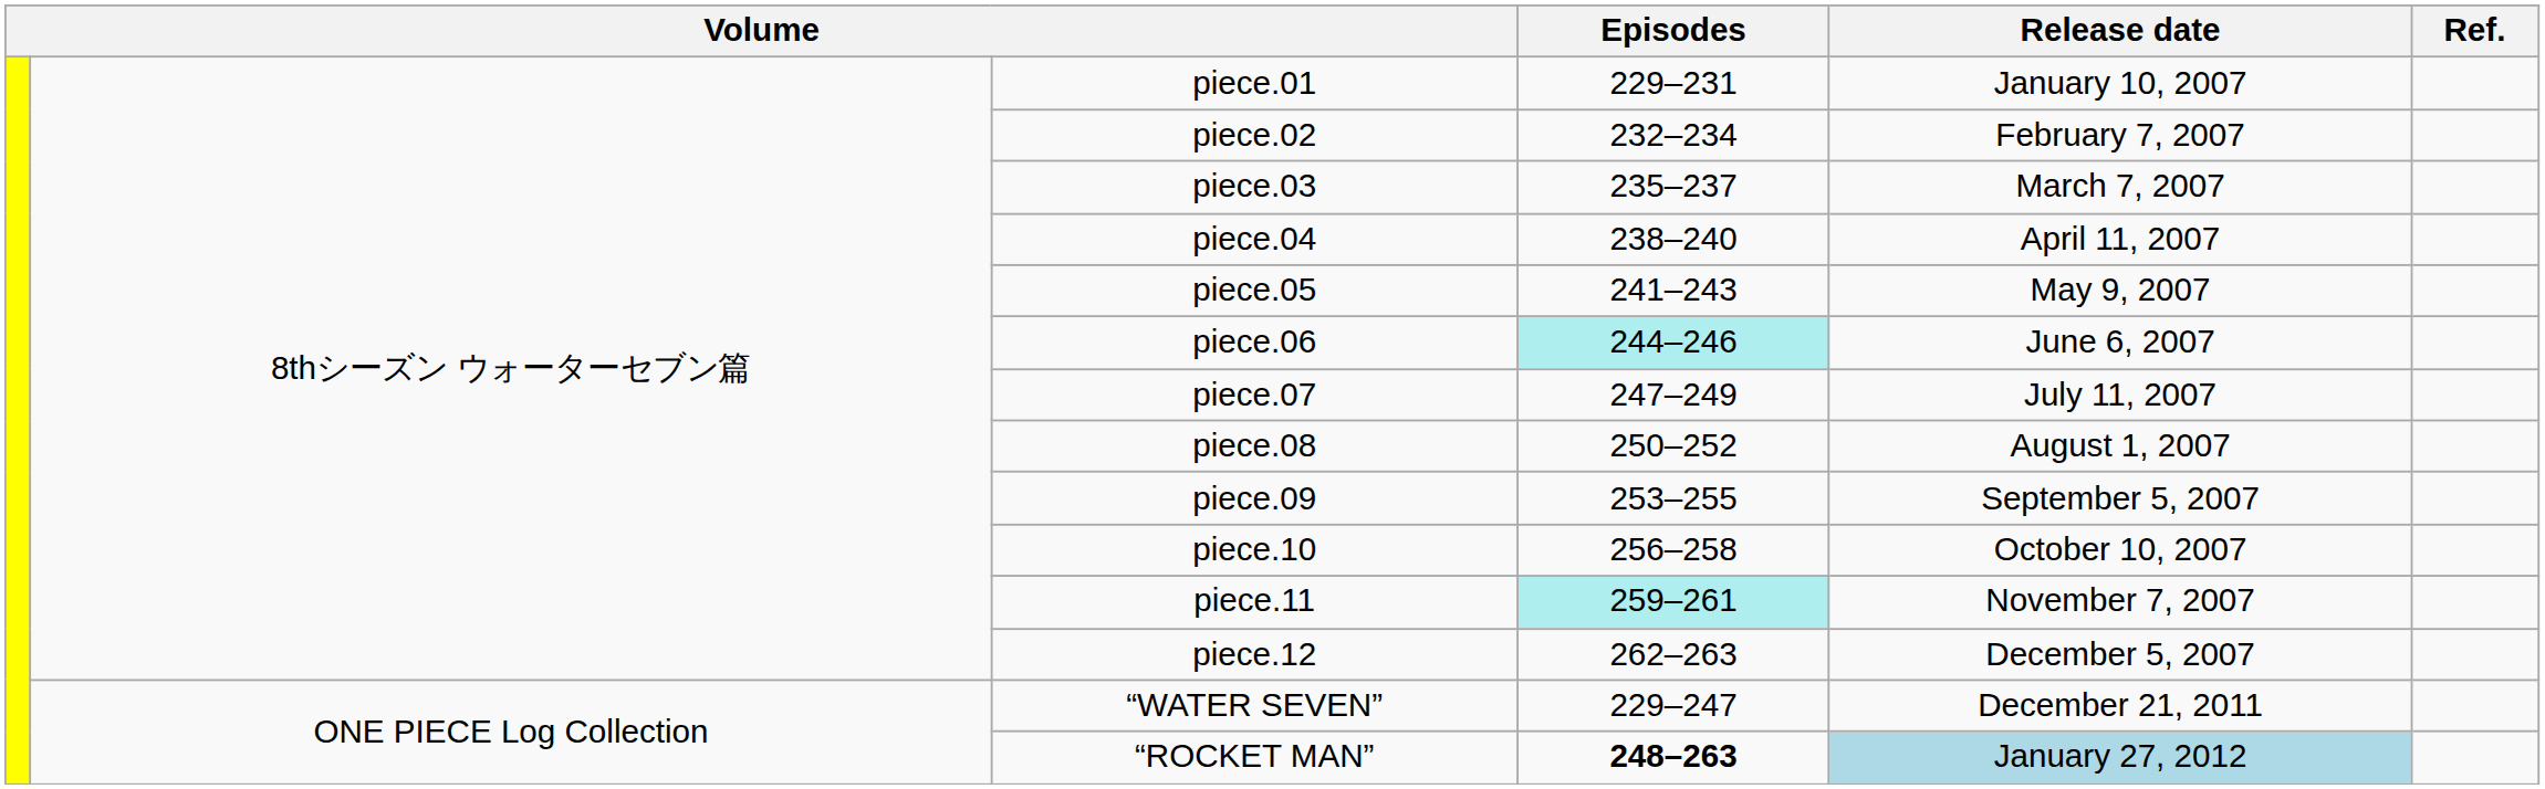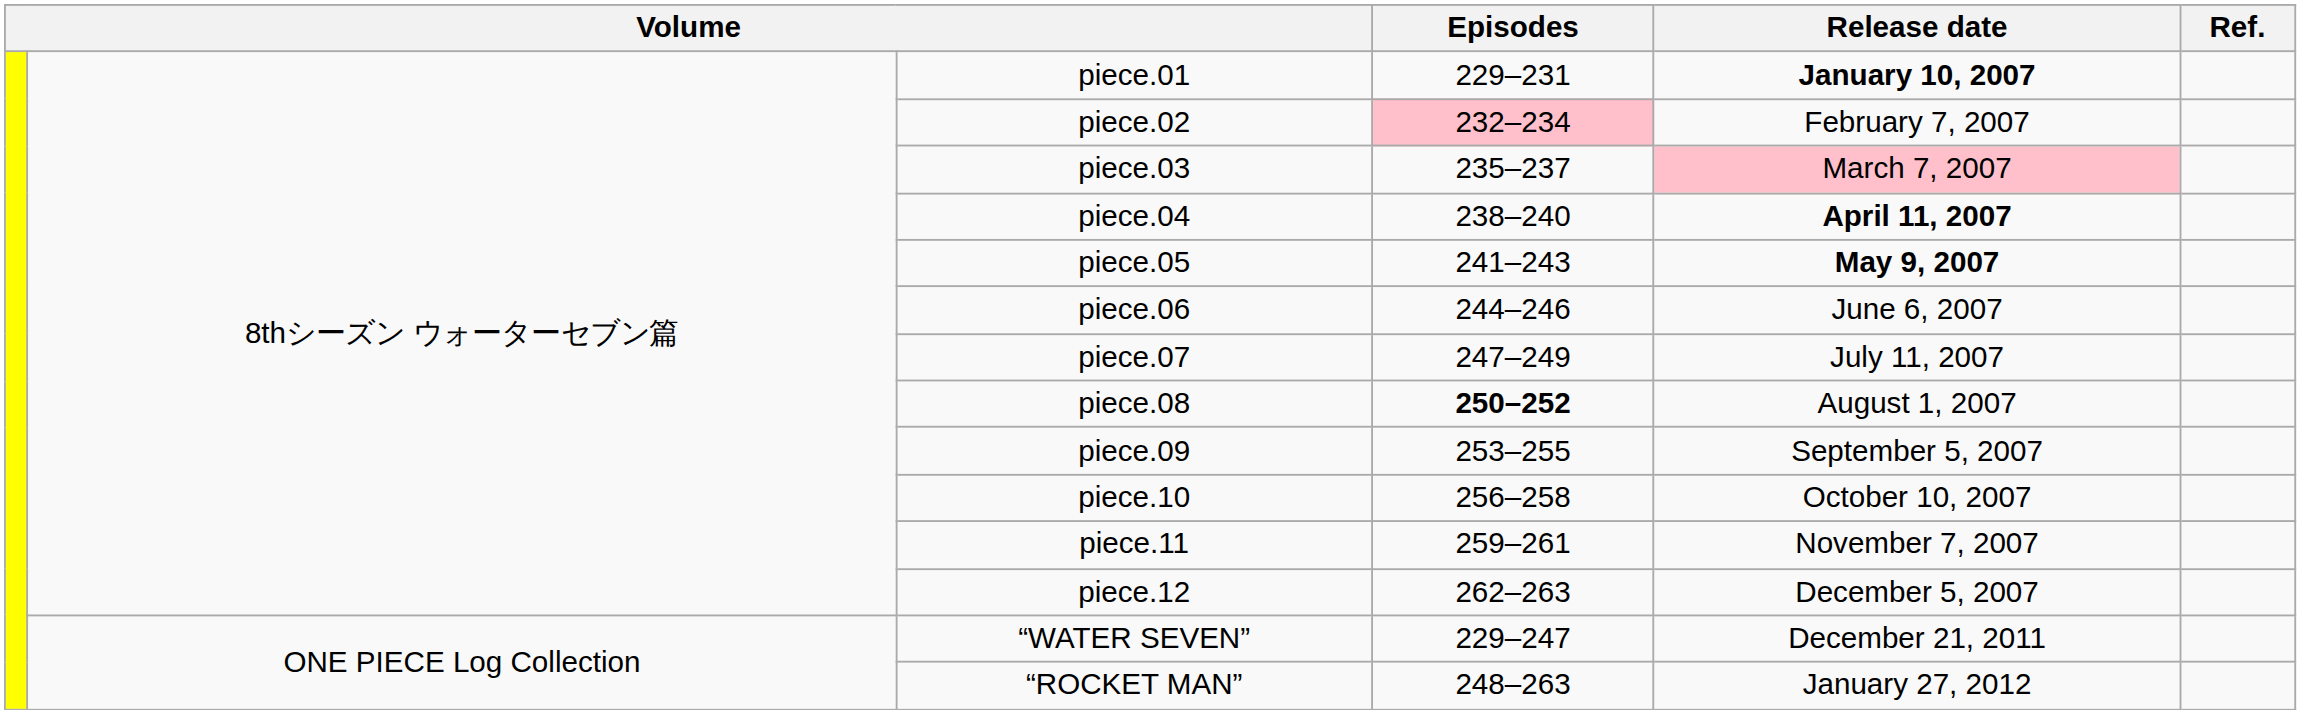 <table class="wikitable" style="text-align: center; width: 98%;">
 <tr>
 <th colspan="3">Volume</th>
 <th>Episodes</th>
 <th>Release date</th>
 <th style="width:5%;">Ref.</th>
 </tr>
 <tr>
 <td rowspan="184"  style="width:1%; background:#FFFF00;"></td>
 <td rowspan="12">8thシーズン ウォーターセブン篇</td>
 <td>piece.01</td>
 <td>229–231</td>
-<td>January 10, 2007</td>
+<td><strong>January 10, 2007</strong></td>
 <td></td>
 </tr>
 <tr>
 <td>piece.02</td>
-<td>232–234</td>
+<td style="background: pink;">232–234</td>
 <td>February 7, 2007</td>
 <td></td>
 </tr>
 <tr>
 <td>piece.03</td>
 <td>235–237</td>
-<td>March 7, 2007</td>
+<td style="background: pink;">March 7, 2007</td>
 <td></td>
 </tr>
 <tr>
 <td>piece.04</td>
 <td>238–240</td>
-<td>April 11, 2007</td>
+<td><strong>April 11, 2007</strong></td>
 <td></td>
 </tr>
 <tr>
 <td>piece.05</td>
 <td>241–243</td>
-<td>May 9, 2007</td>
+<td><strong>May 9, 2007</strong></td>
 <td></td>
 </tr>
 <tr>
 <td>piece.06</td>
-<td style="background: paleturquoise;">244–246</td>
+<td>244–246</td>
 <td>June 6, 2007</td>
 <td></td>
 </tr>
 <tr>
 <td>piece.07</td>
 <td>247–249</td>
 <td>July 11, 2007</td>
 <td></td>
 </tr>
 <tr>
 <td>piece.08</td>
-<td>250–252</td>
+<td><strong>250–252</strong></td>
 <td>August 1, 2007</td>
 <td></td>
 </tr>
 <tr>
 <td>piece.09</td>
 <td>253–255</td>
 <td>September 5, 2007</td>
 <td></td>
 </tr>
 <tr>
 <td>piece.10</td>
 <td>256–258</td>
 <td>October 10, 2007</td>
 <td></td>
 </tr>
 <tr>
 <td>piece.11</td>
-<td style="background: paleturquoise;">259–261</td>
+<td>259–261</td>
 <td>November 7, 2007</td>
 <td></td>
 </tr>
 <tr>
 <td>piece.12</td>
 <td>262–263</td>
 <td>December 5, 2007</td>
 <td></td>
 </tr>
 <tr>
 <td rowspan="2">ONE PIECE Log Collection</td>
 <td>“WATER SEVEN”</td>
 <td>229–247</td>
 <td>December 21, 2011</td>
 <td></td>
 </tr>
 <tr>
 <td>“ROCKET MAN”</td>
-<td><strong>248–263</strong></td>
-<td style="background: lightblue;">January 27, 2012</td>
+<td>248–263</td>
+<td>January 27, 2012</td>
 <td></td>
 </tr>
 </table>
